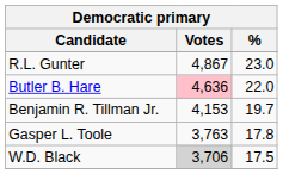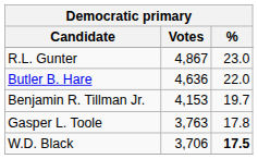 <table class="wikitable" align="left" style="margin: 1em 1em 1em 0; font-size: 95%;">
 <tr>
 <th colspan="3">Democratic primary</th>
 </tr>
 <tr>
 <th colspan="1" style="width: 170px">Candidate</th>
 <th style="width: 50px">Votes</th>
 <th style="width: 40px">%</th>
 </tr>
 <tr>
 </tr>
 <tr>
 <td>R.L. Gunter</td>
 <td align="right">4,867</td>
 <td align="right">23.0</td>
 </tr>
 <tr>
 <td><a href='#'>Butler B. Hare</a></td>
-<td align="right" style="background: pink;">4,636</td>
+<td align="right">4,636</td>
 <td align="right">22.0</td>
 </tr>
 <tr>
 <td>Benjamin R. Tillman Jr.</td>
 <td align="right">4,153</td>
 <td align="right">19.7</td>
 </tr>
 <tr>
 <td>Gasper L. Toole</td>
 <td align="right">3,763</td>
 <td align="right">17.8</td>
 </tr>
 <tr>
 <td>W.D. Black</td>
-<td align="right" style="background: lightgrey;">3,706</td>
-<td align="right">17.5</td>
+<td align="right">3,706</td>
+<td align="right"><strong>17.5</strong></td>
 </tr>
 <tr>
 </tr>
 </table>
